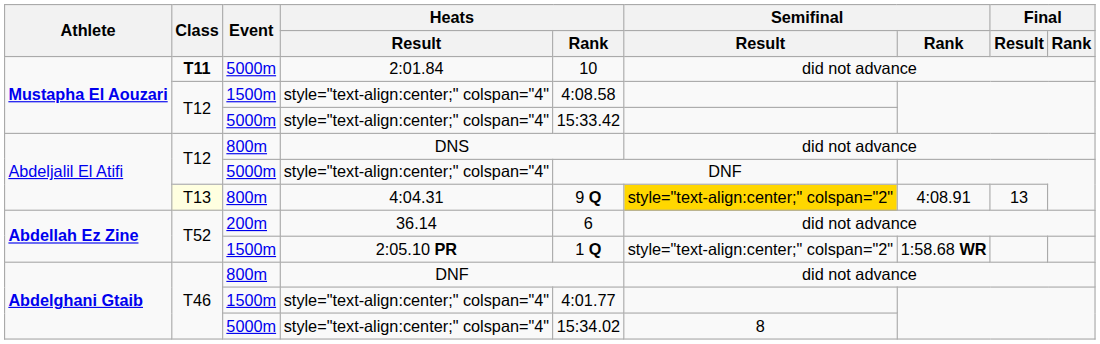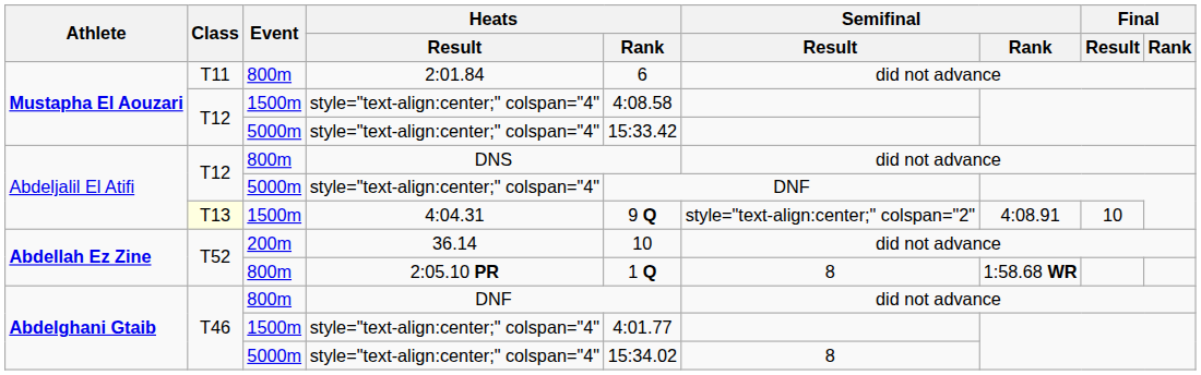 <table class=wikitable style="font-size:90%">
 <tr>
 <th rowspan="2">Athlete</th>
 <th rowspan="2">Class</th>
 <th rowspan="2">Event</th>
 <th colspan="2">Heats</th>
 <th colspan="2">Semifinal</th>
 <th colspan="2">Final</th>
 </tr>
 <tr>
 <th>Result</th>
 <th>Rank</th>
 <th>Result</th>
 <th>Rank</th>
 <th>Result</th>
 <th>Rank</th>
 </tr>
 <tr>
 <td rowspan="3"><strong><a href='#'>Mustapha El Aouzari</a></strong></td>
-<td style="text-align:center;"><strong>T11</strong></td>
-<td><a href='#'>5000m</a></td>
+<td style="text-align:center;">T11</td>
+<td><a href='#'>800m</a></td>
 <td style="text-align:center;">2:01.84</td>
-<td style="text-align:center;">10</td>
+<td style="text-align:center;">6</td>
 <td style="text-align:center;" colspan="4">did not advance</td>
 </tr>
 <tr>
 <td rowspan="2" style="text-align:center;">T12</td>
 <td><a href='#'>1500m</a></td>
 <td>style="text-align:center;" colspan="4" </td>
 <td style="text-align:center;">4:08.58</td>
 <td style="text-align:center;"></td>
 </tr>
 <tr>
 <td><a href='#'>5000m</a></td>
 <td>style="text-align:center;" colspan="4" </td>
 <td style="text-align:center;">15:33.42</td>
 <td style="text-align:center;"></td>
 </tr>
 <tr>
 <td rowspan="3"><a href='#'>Abdeljalil El Atifi</a></td>
 <td rowspan="2" style="text-align:center;">T12</td>
 <td><a href='#'>800m</a></td>
 <td style="text-align:center;" colspan="2">DNS</td>
 <td style="text-align:center;" colspan="4">did not advance</td>
 </tr>
 <tr>
 <td><a href='#'>5000m</a></td>
 <td>style="text-align:center;" colspan="4" </td>
 <td style="text-align:center;" colspan="2">DNF</td>
 </tr>
 <tr>
 <td style="background: lightyellow; text-align:center;">T13</td>
-<td><a href='#'>800m</a></td>
+<td><a href='#'>1500m</a></td>
 <td style="text-align:center;">4:04.31</td>
 <td style="text-align:center;">9 <strong>Q</strong></td>
-<td style="background: gold;">style="text-align:center;" colspan="2" </td>
+<td>style="text-align:center;" colspan="2" </td>
 <td style="text-align:center;">4:08.91</td>
-<td style="text-align:center;">13</td>
+<td style="text-align:center;">10</td>
 </tr>
 <tr>
 <td rowspan="2"><strong><a href='#'>Abdellah Ez Zine</a></strong></td>
 <td rowspan="2" style="text-align:center;">T52</td>
 <td><a href='#'>200m</a></td>
 <td style="text-align:center;">36.14</td>
-<td style="text-align:center;">6</td>
+<td style="text-align:center;">10</td>
 <td style="text-align:center;" colspan="4">did not advance</td>
 </tr>
 <tr>
-<td><a href='#'>1500m</a></td>
+<td><a href='#'>800m</a></td>
 <td style="text-align:center;">2:05.10 <strong>PR</strong></td>
 <td style="text-align:center;">1 <strong>Q</strong></td>
-<td>style="text-align:center;" colspan="2" </td>
+<td style="text-align:center;">8</td>
 <td style="text-align:center;">1:58.68 <strong>WR</strong></td>
 <td style="text-align:center;"></td>
 </tr>
 <tr>
 <td rowspan="3"><strong><a href='#'>Abdelghani Gtaib</a></strong></td>
 <td rowspan="3" style="text-align:center;">T46</td>
 <td><a href='#'>800m</a></td>
 <td style="text-align:center;" colspan="2">DNF</td>
 <td style="text-align:center;" colspan="4">did not advance</td>
 </tr>
 <tr>
 <td><a href='#'>1500m</a></td>
 <td>style="text-align:center;" colspan="4" </td>
 <td style="text-align:center;">4:01.77</td>
 <td style="text-align:center;"></td>
 </tr>
 <tr>
 <td><a href='#'>5000m</a></td>
 <td>style="text-align:center;" colspan="4" </td>
 <td style="text-align:center;">15:34.02</td>
 <td style="text-align:center;">8</td>
 </tr>
 </table>
